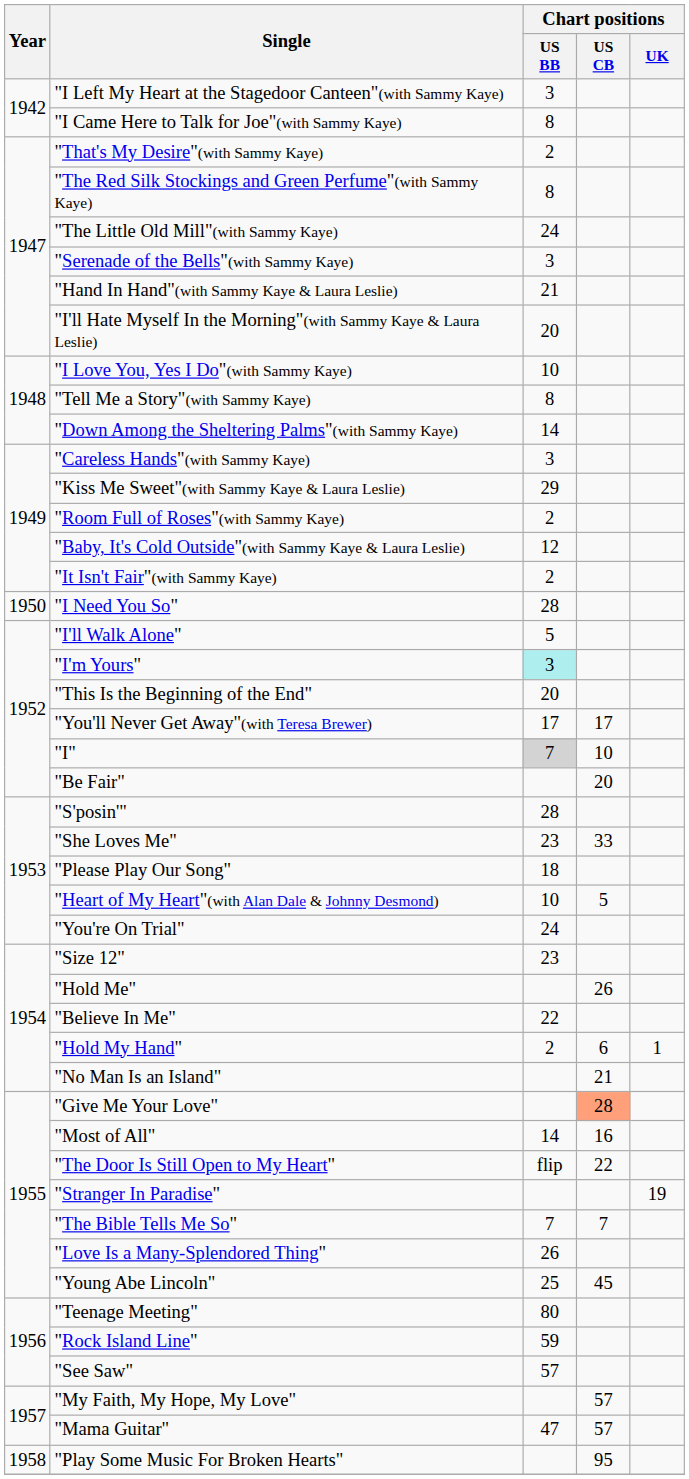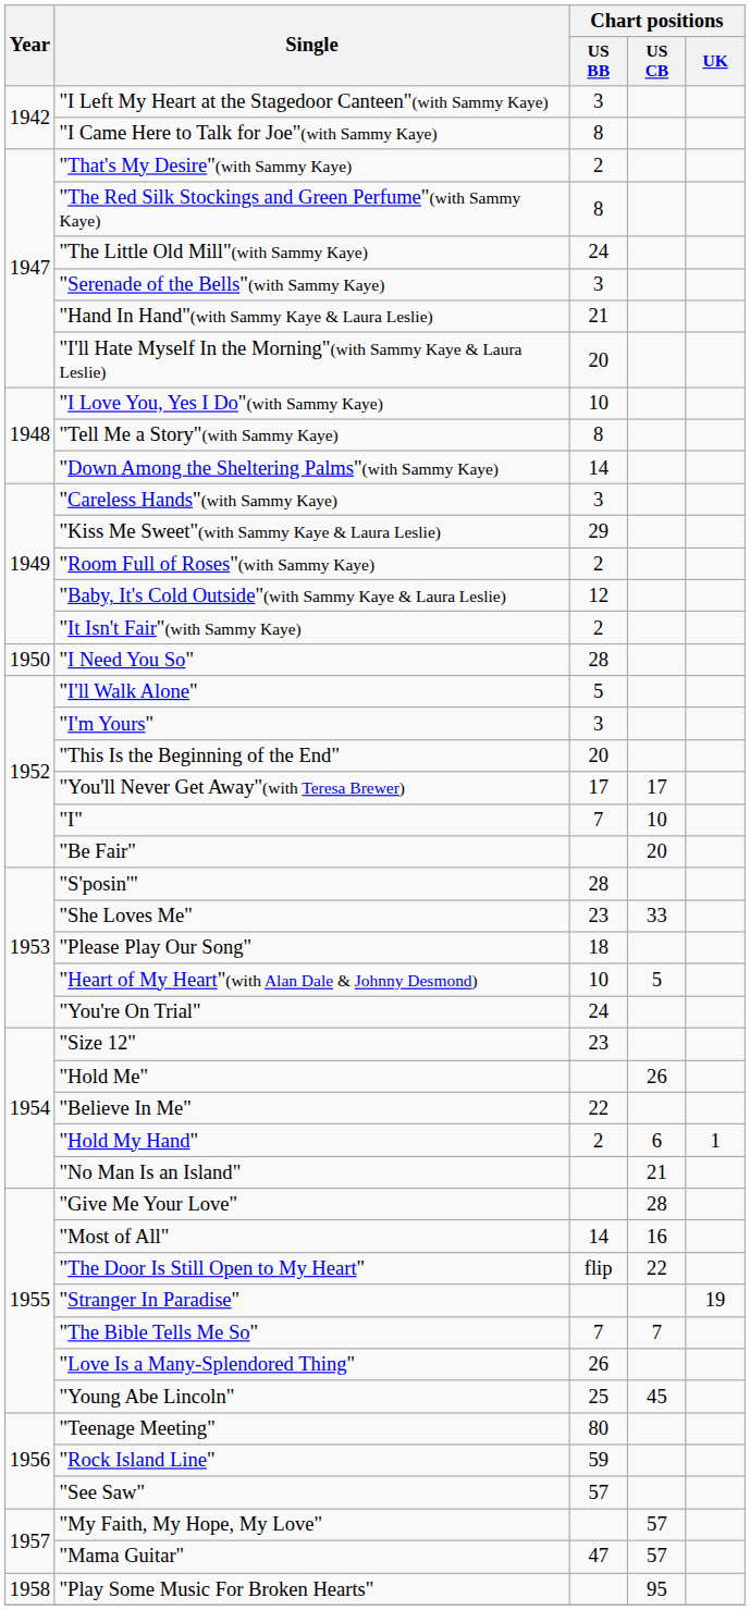 <table class="wikitable" style="text-align:center;">
 <tr>
 <th rowspan="2">Year</th>
 <th width="400" rowspan="2">Single</th>
 <th colspan="3">Chart positions</th>
 </tr>
 <tr style="font-size:smaller;">
 <th width="40">US<br><a href='#'>BB</a></th>
 <th width="40">US<br><a href='#'>CB</a></th>
 <th width="40"><a href='#'>UK</a></th>
 </tr>
 <tr>
 <td rowspan="2">1942</td>
 <td align="left">"I Left My Heart at the Stagedoor Canteen"<small>(with Sammy Kaye)</small></td>
 <td>3</td>
 <td></td>
 <td></td>
 </tr>
 <tr>
 <td align="left">"I Came Here to Talk for Joe"<small>(with Sammy Kaye)</small></td>
 <td>8</td>
 <td></td>
 <td></td>
 </tr>
 <tr>
 <td rowspan="6">1947</td>
 <td align="left">"<a href='#'>That's My Desire</a>"<small>(with Sammy Kaye)</small></td>
 <td>2</td>
 <td></td>
 <td></td>
 </tr>
 <tr>
 <td align="left">"<a href='#'>The Red Silk Stockings and Green Perfume</a>"<small>(with Sammy Kaye)</small></td>
 <td>8</td>
 <td></td>
 <td></td>
 </tr>
 <tr>
 <td align="left">"The Little Old Mill"<small>(with Sammy Kaye)</small></td>
 <td>24</td>
 <td></td>
 <td></td>
 </tr>
 <tr>
 <td align="left">"<a href='#'>Serenade of the Bells</a>"<small>(with Sammy Kaye)</small></td>
 <td>3</td>
 <td></td>
 <td></td>
 </tr>
 <tr>
 <td align="left">"Hand In Hand"<small>(with Sammy Kaye & Laura Leslie)</small></td>
 <td>21</td>
 <td></td>
 <td></td>
 </tr>
 <tr>
 <td align="left">"I'll Hate Myself In the Morning"<small>(with Sammy Kaye & Laura Leslie)</small></td>
 <td>20</td>
 <td></td>
 <td></td>
 </tr>
 <tr>
 <td rowspan="3">1948</td>
 <td align="left">"<a href='#'>I Love You, Yes I Do</a>"<small>(with Sammy Kaye)</small></td>
 <td>10</td>
 <td></td>
 <td></td>
 </tr>
 <tr>
 <td align="left">"Tell Me a Story"<small>(with Sammy Kaye)</small></td>
 <td>8</td>
 <td></td>
 <td></td>
 </tr>
 <tr>
 <td align="left">"<a href='#'>Down Among the Sheltering Palms</a>"<small>(with Sammy Kaye)</small></td>
 <td>14</td>
 <td></td>
 <td></td>
 </tr>
 <tr>
 <td rowspan="5">1949</td>
 <td align="left">"<a href='#'>Careless Hands</a>"<small>(with Sammy Kaye)</small></td>
 <td>3</td>
 <td></td>
 <td></td>
 </tr>
 <tr>
 <td align="left">"Kiss Me Sweet"<small>(with Sammy Kaye & Laura Leslie)</small></td>
 <td>29</td>
 <td></td>
 <td></td>
 </tr>
 <tr>
 <td align="left">"<a href='#'>Room Full of Roses</a>"<small>(with Sammy Kaye)</small></td>
 <td>2</td>
 <td></td>
 <td></td>
 </tr>
 <tr>
 <td align="left">"<a href='#'>Baby, It's Cold Outside</a>"<small>(with Sammy Kaye & Laura Leslie)</small></td>
 <td>12</td>
 <td></td>
 <td></td>
 </tr>
 <tr>
 <td align="left">"<a href='#'>It Isn't Fair</a>"<small>(with Sammy Kaye)</small></td>
 <td>2</td>
 <td></td>
 <td></td>
 </tr>
 <tr>
 <td>1950</td>
 <td align="left">"<a href='#'>I Need You So</a>"</td>
 <td>28</td>
 <td></td>
 <td></td>
 </tr>
 <tr>
 <td rowspan="6">1952</td>
 <td align="left">"<a href='#'>I'll Walk Alone</a>"</td>
 <td>5</td>
 <td></td>
 <td></td>
 </tr>
 <tr>
 <td align="left">"<a href='#'>I'm Yours</a>"</td>
-<td style="background: paleturquoise;">3</td>
+<td>3</td>
 <td></td>
 <td></td>
 </tr>
 <tr>
 <td align="left">"This Is the Beginning of the End"</td>
 <td>20</td>
 <td></td>
 <td></td>
 </tr>
 <tr>
 <td align="left">"You'll Never Get Away"<small>(with <a href='#'>Teresa Brewer</a>)</small></td>
 <td>17</td>
 <td>17</td>
 <td></td>
 </tr>
 <tr>
 <td align="left">"I"</td>
-<td style="background: lightgrey;">7</td>
+<td>7</td>
 <td>10</td>
 <td></td>
 </tr>
 <tr>
 <td align="left">"Be Fair"</td>
 <td></td>
 <td>20</td>
 <td></td>
 </tr>
 <tr>
 <td rowspan="5">1953</td>
 <td align="left">"S'posin'"</td>
 <td>28</td>
 <td></td>
 <td></td>
 </tr>
 <tr>
 <td align="left">"She Loves Me"</td>
 <td>23</td>
 <td>33</td>
 <td></td>
 </tr>
 <tr>
 <td align="left">"Please Play Our Song"</td>
 <td>18</td>
 <td></td>
 <td></td>
 </tr>
 <tr>
 <td align="left">"<a href='#'>Heart of My Heart</a>"<small>(with <a href='#'>Alan Dale</a> & <a href='#'>Johnny Desmond</a>)</small></td>
 <td>10</td>
 <td>5</td>
 <td></td>
 </tr>
 <tr>
 <td align="left">"You're On Trial"</td>
 <td>24</td>
 <td></td>
 <td></td>
 </tr>
 <tr>
 <td rowspan="5">1954</td>
 <td align="left">"Size 12"</td>
 <td>23</td>
 <td></td>
 <td></td>
 </tr>
 <tr>
 <td align="left">"Hold Me"</td>
 <td></td>
 <td>26</td>
 <td></td>
 </tr>
 <tr>
 <td align="left">"Believe In Me"</td>
 <td>22</td>
 <td></td>
 <td></td>
 </tr>
 <tr>
 <td align="left">"<a href='#'>Hold My Hand</a>"</td>
 <td>2</td>
 <td>6</td>
 <td>1</td>
 </tr>
 <tr>
 <td align="left">"No Man Is an Island"</td>
 <td></td>
 <td>21</td>
 <td></td>
 </tr>
 <tr>
 <td rowspan="7">1955</td>
 <td align="left">"Give Me Your Love"</td>
 <td></td>
-<td style="background: lightsalmon;">28</td>
+<td>28</td>
 <td></td>
 </tr>
 <tr>
 <td align="left">"Most of All"</td>
 <td>14</td>
 <td>16</td>
 <td></td>
 </tr>
 <tr>
 <td align="left">"<a href='#'>The Door Is Still Open to My Heart</a>"</td>
 <td>flip</td>
 <td>22</td>
 <td></td>
 </tr>
 <tr>
 <td align="left">"<a href='#'>Stranger In Paradise</a>"</td>
 <td></td>
 <td></td>
 <td>19</td>
 </tr>
 <tr>
 <td align="left">"<a href='#'>The Bible Tells Me So</a>"</td>
 <td>7</td>
 <td>7</td>
 <td></td>
 </tr>
 <tr>
 <td align="left">"<a href='#'>Love Is a Many-Splendored Thing</a>"</td>
 <td>26</td>
 <td></td>
 <td></td>
 </tr>
 <tr>
 <td align="left">"Young Abe Lincoln"</td>
 <td>25</td>
 <td>45</td>
 <td></td>
 </tr>
 <tr>
 <td rowspan="3">1956</td>
 <td align="left">"Teenage Meeting"</td>
 <td>80</td>
 <td></td>
 <td></td>
 </tr>
 <tr>
 <td align="left">"<a href='#'>Rock Island Line</a>"</td>
 <td>59</td>
 <td></td>
 <td></td>
 </tr>
 <tr>
 <td align="left">"See Saw"</td>
 <td>57</td>
 <td></td>
 <td></td>
 </tr>
 <tr>
 <td rowspan="2">1957</td>
 <td align="left">"My Faith, My Hope, My Love"</td>
 <td></td>
 <td>57</td>
 <td></td>
 </tr>
 <tr>
 <td align="left">"Mama Guitar"</td>
 <td>47</td>
 <td>57</td>
 <td></td>
 </tr>
 <tr>
 <td rowspan="1">1958</td>
 <td align="left">"Play Some Music For Broken Hearts"</td>
 <td></td>
 <td>95</td>
 <td></td>
 </tr>
 <tr>
 </tr>
 </table>
